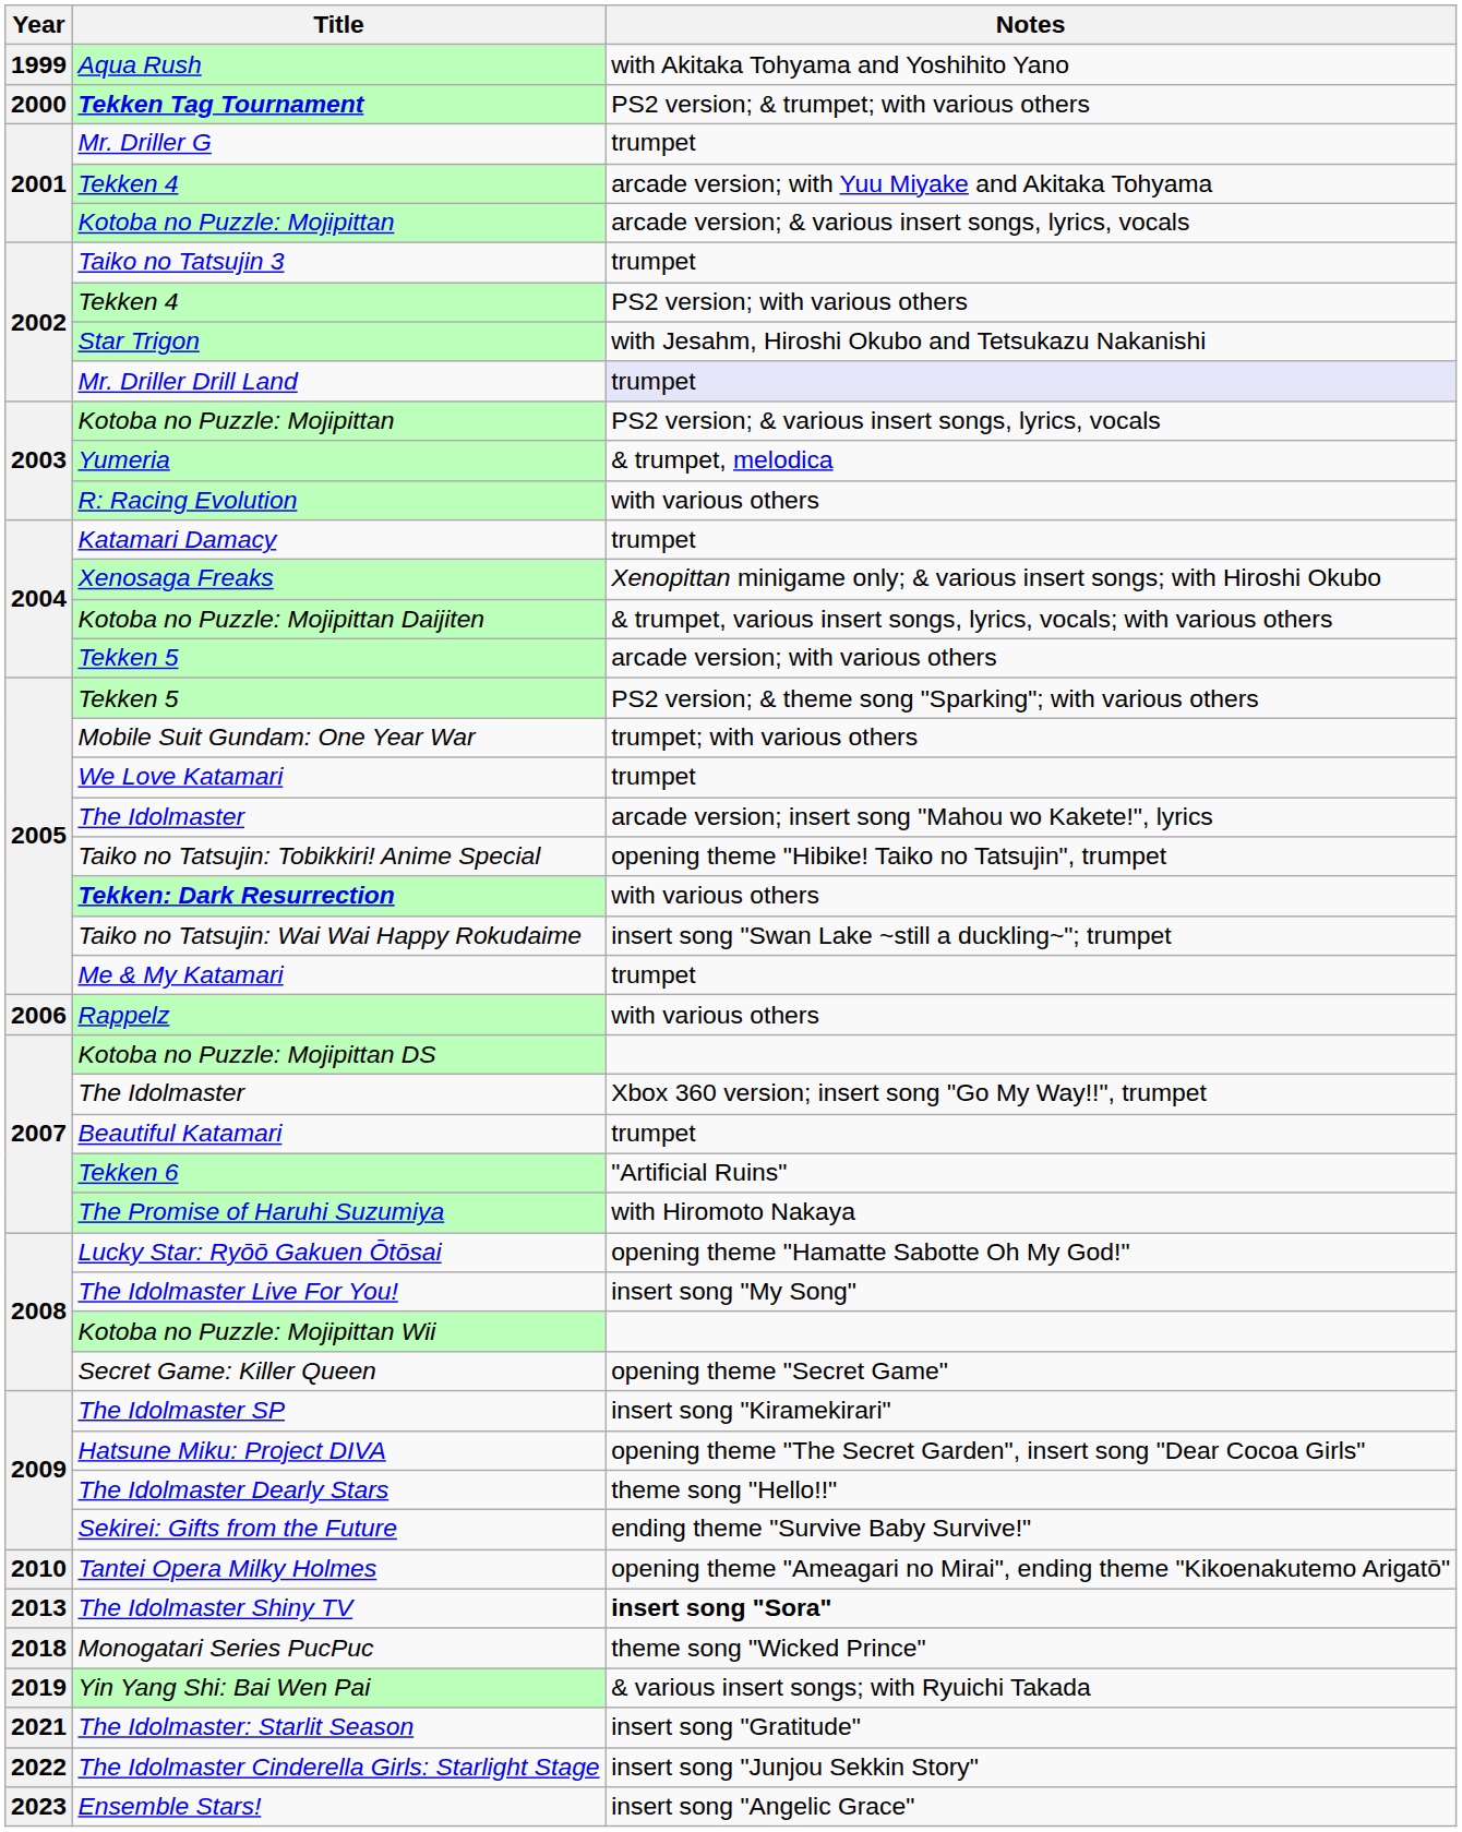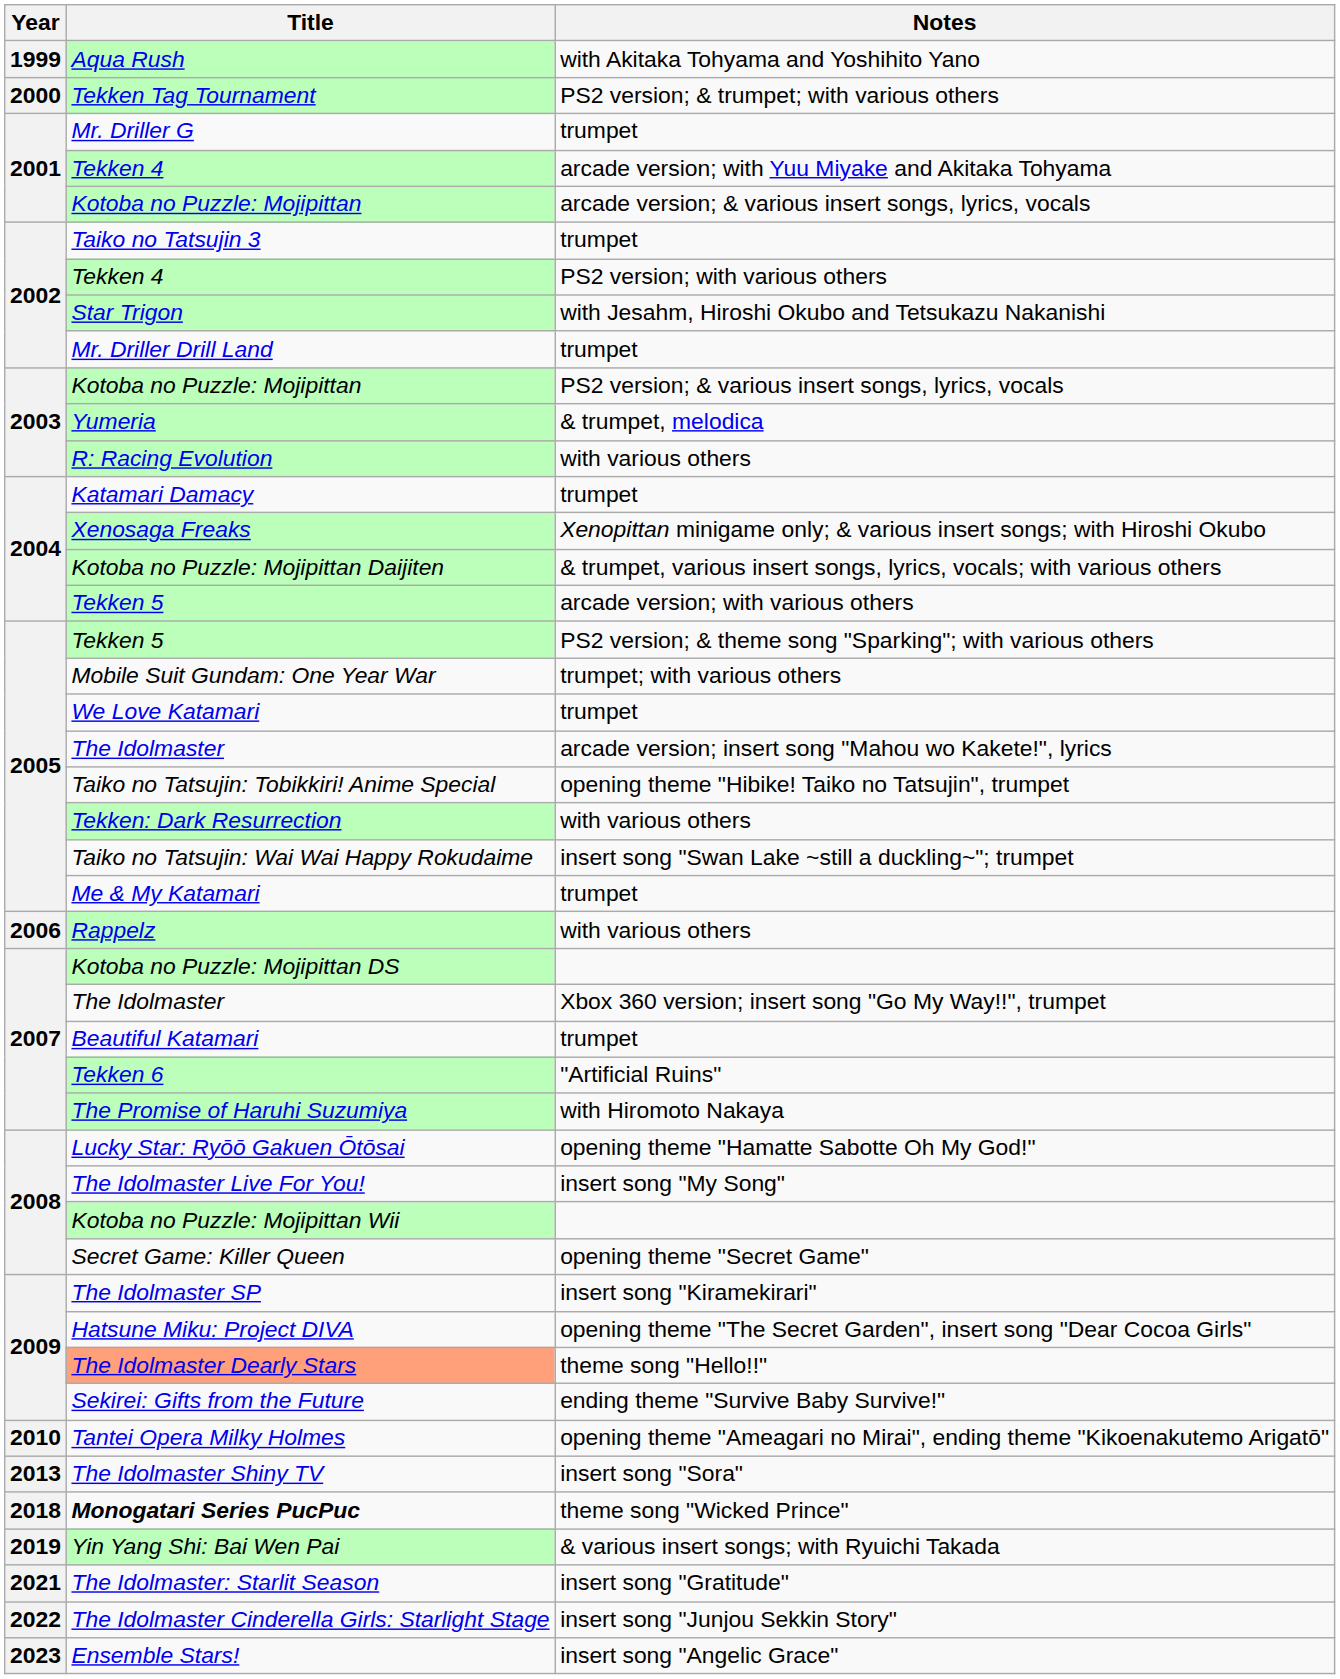 <table class="wikitable sortable">
 <tr>
 <th>Year</th>
 <th>Title</th>
 <th class="unsortable">Notes</th>
 </tr>
 <tr>
 <th rowspan="1">1999</th>
 <td style="background:#bbffbb;"><em><a href='#'>Aqua Rush</a></em></td>
 <td>with Akitaka Tohyama and Yoshihito Yano</td>
 </tr>
 <tr ra>
 <th rowspan="1">2000</th>
-<td style="background:#bbffbb;"><strong><em><a href='#'>Tekken Tag Tournament</a></em></strong></td>
+<td style="background:#bbffbb;"><em><a href='#'>Tekken Tag Tournament</a></em></td>
 <td>PS2 version; & trumpet; with various others</td>
 </tr>
 <tr>
 <th rowspan="3">2001</th>
 <td><em><a href='#'>Mr. Driller G</a></em></td>
 <td>trumpet</td>
 </tr>
 <tr>
 <td style="background:#bbffbb;"><em><a href='#'>Tekken 4</a></em></td>
 <td>arcade version; with <a href='#'>Yuu Miyake</a> and Akitaka Tohyama</td>
 </tr>
 <tr>
 <td style="background:#bbffbb;"><em><a href='#'>Kotoba no Puzzle: Mojipittan</a></em></td>
 <td>arcade version; & various insert songs, lyrics, vocals</td>
 </tr>
 <tr>
 <th rowspan="4">2002</th>
 <td><em><a href='#'>Taiko no Tatsujin 3</a></em></td>
 <td>trumpet</td>
 </tr>
 <tr>
 <td style="background:#bbffbb;"><em>Tekken 4</em></td>
 <td>PS2 version; with various others</td>
 </tr>
 <tr>
 <td style="background:#bbffbb;"><em><a href='#'>Star Trigon</a></em></td>
 <td>with Jesahm, Hiroshi Okubo and Tetsukazu Nakanishi</td>
 </tr>
 <tr>
 <td><em><a href='#'>Mr. Driller Drill Land</a></em></td>
-<td style="background: lavender;">trumpet</td>
+<td>trumpet</td>
 </tr>
 <tr>
 <th rowspan="3">2003</th>
 <td style="background:#bbffbb;"><em>Kotoba no Puzzle: Mojipittan</em></td>
 <td>PS2 version; & various insert songs, lyrics, vocals</td>
 </tr>
 <tr>
 <td style="background:#bbffbb;"><em><a href='#'>Yumeria</a></em></td>
 <td>& trumpet, <a href='#'>melodica</a></td>
 </tr>
 <tr>
 <td style="background:#bbffbb;"><em><a href='#'>R: Racing Evolution</a></em></td>
 <td>with various others</td>
 </tr>
 <tr>
 <th rowspan="4">2004</th>
 <td><em><a href='#'>Katamari Damacy</a></em></td>
 <td>trumpet</td>
 </tr>
 <tr>
 <td style="background:#bbffbb;"><em><a href='#'>Xenosaga Freaks</a></em></td>
 <td><em>Xenopittan</em> minigame only; & various insert songs; with Hiroshi Okubo</td>
 </tr>
 <tr>
 <td style="background:#bbffbb;"><em>Kotoba no Puzzle: Mojipittan Daijiten</em></td>
 <td>& trumpet, various insert songs, lyrics, vocals; with various others</td>
 </tr>
 <tr>
 <td style="background:#bbffbb;"><em><a href='#'>Tekken 5</a></em></td>
 <td>arcade version; with various others</td>
 </tr>
 <tr>
 <th rowspan="8">2005</th>
 <td style="background:#bbffbb;"><em>Tekken 5</em></td>
 <td>PS2 version; & theme song "Sparking"; with various others</td>
 </tr>
 <tr>
 <td><em>Mobile Suit Gundam: One Year War</em></td>
 <td>trumpet; with various others</td>
 </tr>
 <tr>
 <td><em><a href='#'>We Love Katamari</a></em></td>
 <td>trumpet</td>
 </tr>
 <tr>
 <td><em><a href='#'>The Idolmaster</a></em></td>
 <td>arcade version; insert song "Mahou wo Kakete!", lyrics</td>
 </tr>
 <tr>
 <td><em>Taiko no Tatsujin: Tobikkiri! Anime Special</em></td>
 <td>opening theme "Hibike! Taiko no Tatsujin", trumpet</td>
 </tr>
 <tr>
-<td style="background:#bbffbb;"><strong><em><a href='#'>Tekken: Dark Resurrection</a></em></strong></td>
+<td style="background:#bbffbb;"><em><a href='#'>Tekken: Dark Resurrection</a></em></td>
 <td>with various others</td>
 </tr>
 <tr>
 <td><em>Taiko no Tatsujin: Wai Wai Happy Rokudaime</em></td>
 <td>insert song "Swan Lake ~still a duckling~"; trumpet</td>
 </tr>
 <tr>
 <td><em><a href='#'>Me & My Katamari</a></em></td>
 <td>trumpet</td>
 </tr>
 <tr>
 <th rowspan="1">2006</th>
 <td style="background:#bbffbb;"><em><a href='#'>Rappelz</a></em></td>
 <td>with various others</td>
 </tr>
 <tr>
 <th rowspan="5">2007</th>
 <td style="background:#bbffbb;"><em>Kotoba no Puzzle: Mojipittan DS</em></td>
 <td></td>
 </tr>
 <tr>
 <td><em>The Idolmaster</em></td>
 <td>Xbox 360 version; insert song "Go My Way!!", trumpet</td>
 </tr>
 <tr>
 <td><em><a href='#'>Beautiful Katamari</a></em></td>
 <td>trumpet</td>
 </tr>
 <tr>
 <td style="background:#bbffbb;"><em><a href='#'>Tekken 6</a></em></td>
 <td>"Artificial Ruins"</td>
 </tr>
 <tr>
 <td style="background:#bbffbb;"><em><a href='#'>The Promise of Haruhi Suzumiya</a></em></td>
 <td>with Hiromoto Nakaya</td>
 </tr>
 <tr>
 <th rowspan="4">2008</th>
 <td><em><a href='#'>Lucky Star: Ryōō Gakuen Ōtōsai</a></em></td>
 <td>opening theme "Hamatte Sabotte Oh My God!"</td>
 </tr>
 <tr>
 <td><em><a href='#'>The Idolmaster Live For You!</a></em></td>
 <td>insert song "My Song"</td>
 </tr>
 <tr>
 <td style="background:#bbffbb;"><em>Kotoba no Puzzle: Mojipittan Wii</em></td>
 <td></td>
 </tr>
 <tr>
 <td><em>Secret Game: Killer Queen</em> </td>
 <td>opening theme "Secret Game"</td>
 </tr>
 <tr>
 <th rowspan="4">2009</th>
 <td><em><a href='#'>The Idolmaster SP</a></em></td>
 <td>insert song "Kiramekirari"</td>
 </tr>
 <tr>
 <td><em><a href='#'>Hatsune Miku: Project DIVA</a></em></td>
 <td>opening theme "The Secret Garden", insert song "Dear Cocoa Girls"</td>
 </tr>
 <tr>
-<td><em><a href='#'>The Idolmaster Dearly Stars</a></em></td>
+<td style="background: lightsalmon;"><em><a href='#'>The Idolmaster Dearly Stars</a></em></td>
 <td>theme song "Hello!!"</td>
 </tr>
 <tr>
 <td><em><a href='#'>Sekirei: Gifts from the Future</a></em></td>
 <td>ending theme "Survive Baby Survive!"</td>
 </tr>
 <tr>
 <th rowspan="1">2010</th>
 <td><em><a href='#'>Tantei Opera Milky Holmes</a></em></td>
 <td>opening theme "Ameagari no Mirai", ending theme "Kikoenakutemo Arigatо̄"</td>
 </tr>
 <tr>
 <th rowspan="1">2013</th>
 <td><em><a href='#'>The Idolmaster Shiny TV</a></em></td>
-<td><strong>insert song "Sora"</strong></td>
+<td>insert song "Sora"</td>
 </tr>
 <tr>
 <th rowspan="1">2018</th>
-<td><em>Monogatari Series PucPuc</em></td>
+<td><strong><em>Monogatari Series PucPuc</em></strong></td>
 <td>theme song "Wicked Prince"</td>
 </tr>
 <tr>
 <th rowspan="1">2019</th>
 <td style="background:#bbffbb;"><em>Yin Yang Shi: Bai Wen Pai</em></td>
 <td>& various insert songs; with Ryuichi Takada</td>
 </tr>
 <tr>
 <th rowspan="1">2021</th>
 <td><em><a href='#'>The Idolmaster: Starlit Season</a></em></td>
 <td>insert song "Gratitude"</td>
 </tr>
 <tr>
 <th rowspan="1">2022</th>
 <td><em><a href='#'>The Idolmaster Cinderella Girls: Starlight Stage</a></em></td>
 <td>insert song "Junjou Sekkin Story"</td>
 </tr>
 <tr>
 <th rowspan="1">2023</th>
 <td><em><a href='#'>Ensemble Stars!</a></em></td>
 <td>insert song "Angelic Grace"</td>
 </tr>
 </table>
